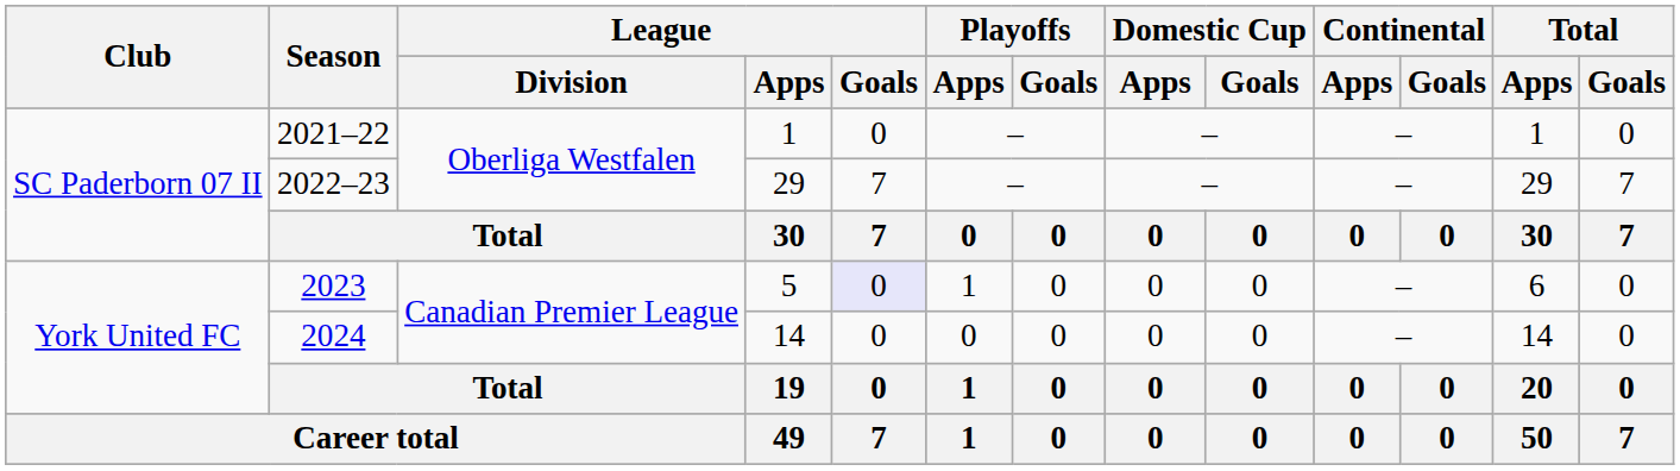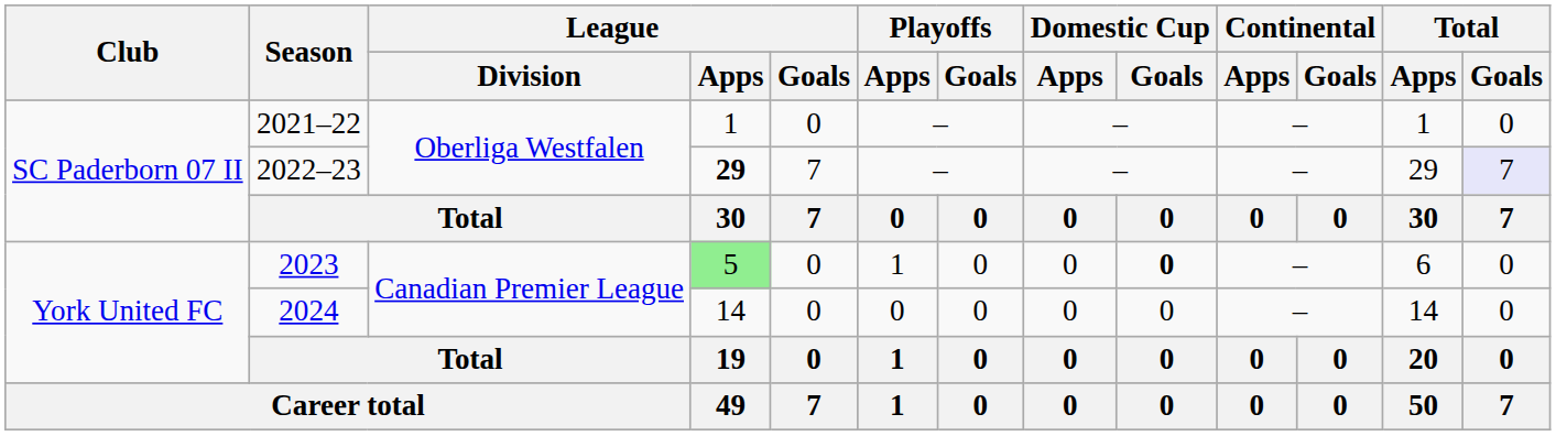 <table class="wikitable" style="text-align: center">
 <tr>
 <th rowspan="2">Club</th>
 <th rowspan="2">Season</th>
 <th colspan="3">League</th>
 <th colspan="2">Playoffs</th>
 <th colspan="2">Domestic Cup</th>
 <th colspan="2">Continental</th>
 <th colspan="2">Total</th>
 </tr>
 <tr>
 <th>Division</th>
 <th>Apps</th>
 <th>Goals</th>
 <th>Apps</th>
 <th>Goals</th>
 <th>Apps</th>
 <th>Goals</th>
 <th>Apps</th>
 <th>Goals</th>
 <th>Apps</th>
 <th>Goals</th>
 </tr>
 <tr>
 <td rowspan=3><a href='#'>SC Paderborn 07 II</a></td>
 <td>2021–22</td>
 <td rowspan=2><a href='#'>Oberliga Westfalen</a></td>
 <td>1</td>
 <td>0</td>
 <td colspan="2">–</td>
 <td colspan="2">–</td>
 <td colspan="2">–</td>
 <td>1</td>
 <td>0</td>
 </tr>
 <tr>
 <td>2022–23</td>
-<td>29</td>
+<td><strong>29</strong></td>
 <td>7</td>
 <td colspan="2">–</td>
 <td colspan="2">–</td>
 <td colspan="2">–</td>
 <td>29</td>
-<td>7</td>
+<td style="background: lavender;">7</td>
 </tr>
 <tr>
 <th colspan="2"><strong>Total</strong></th>
 <th>30</th>
 <th>7</th>
 <th>0</th>
 <th>0</th>
 <th>0</th>
 <th>0</th>
 <th>0</th>
 <th>0</th>
 <th>30</th>
 <th>7</th>
 </tr>
 <tr>
 <td rowspan=3><a href='#'>York United FC</a></td>
 <td><a href='#'>2023</a></td>
 <td rowspan=2><a href='#'>Canadian Premier League</a></td>
-<td>5</td>
-<td style="background: lavender;">0</td>
+<td style="background: lightgreen;">5</td>
+<td>0</td>
 <td>1</td>
 <td>0</td>
 <td>0</td>
-<td>0</td>
+<td><strong>0</strong></td>
 <td colspan="2">–</td>
 <td>6</td>
 <td>0</td>
 </tr>
 <tr>
 <td><a href='#'>2024</a></td>
 <td>14</td>
 <td>0</td>
 <td>0</td>
 <td>0</td>
 <td>0</td>
 <td>0</td>
 <td colspan="2">–</td>
 <td>14</td>
 <td>0</td>
 </tr>
 <tr>
 <th colspan="2"><strong>Total</strong></th>
 <th>19</th>
 <th>0</th>
 <th>1</th>
 <th>0</th>
 <th>0</th>
 <th>0</th>
 <th>0</th>
 <th>0</th>
 <th>20</th>
 <th>0</th>
 </tr>
 <tr>
 <th colspan="3"><strong>Career total</strong></th>
 <th>49</th>
 <th>7</th>
 <th>1</th>
 <th>0</th>
 <th>0</th>
 <th>0</th>
 <th>0</th>
 <th>0</th>
 <th>50</th>
 <th>7</th>
 </tr>
 </table>
